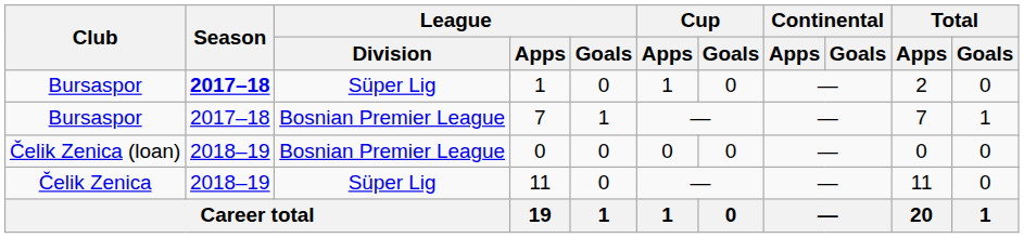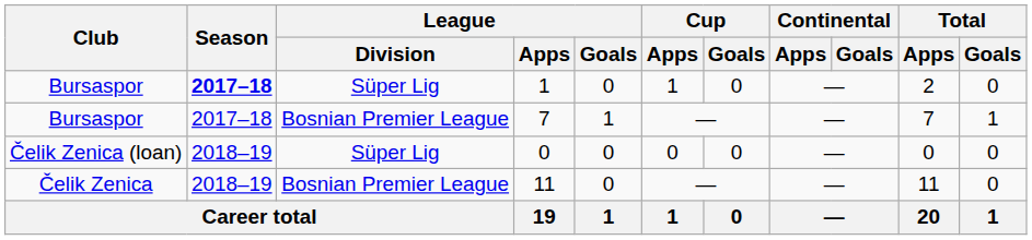 <table class="wikitable" style="text-align:center">
 <tr>
 <th rowspan="2">Club</th>
 <th rowspan="2">Season</th>
 <th colspan="3">League</th>
 <th colspan="2">Cup</th>
 <th colspan="2">Continental</th>
 <th colspan="2">Total</th>
 </tr>
 <tr>
 <th>Division</th>
 <th>Apps</th>
 <th>Goals</th>
 <th>Apps</th>
 <th>Goals</th>
 <th>Apps</th>
 <th>Goals</th>
 <th>Apps</th>
 <th>Goals</th>
 </tr>
 <tr>
 <td><a href='#'>Bursaspor</a></td>
 <td><strong><a href='#'>2017–18</a></strong></td>
 <td><a href='#'>Süper Lig</a></td>
 <td>1</td>
 <td>0</td>
 <td>1</td>
 <td>0</td>
 <td colspan="2">—</td>
 <td>2</td>
 <td>0</td>
 </tr>
 <tr>
 <td><a href='#'>Bursaspor</a></td>
 <td><a href='#'>2017–18</a></td>
 <td><a href='#'>Bosnian Premier League</a></td>
 <td>7</td>
 <td>1</td>
 <td colspan="2">—</td>
 <td colspan="2">—</td>
 <td>7</td>
 <td>1</td>
 </tr>
 <tr>
 <td><a href='#'>Čelik Zenica</a> (loan)</td>
 <td><a href='#'>2018–19</a></td>
-<td><a href='#'>Bosnian Premier League</a></td>
+<td><a href='#'>Süper Lig</a></td>
 <td>0</td>
 <td>0</td>
 <td>0</td>
 <td>0</td>
 <td colspan="2">—</td>
 <td>0</td>
 <td>0</td>
 </tr>
 <tr>
 <td><a href='#'>Čelik Zenica</a></td>
 <td><a href='#'>2018–19</a></td>
-<td><a href='#'>Süper Lig</a></td>
+<td><a href='#'>Bosnian Premier League</a></td>
 <td>11</td>
 <td>0</td>
 <td colspan="2">—</td>
 <td colspan="2">—</td>
 <td>11</td>
 <td>0</td>
 </tr>
 <tr>
 <th colspan=3>Career total</th>
 <th>19</th>
 <th>1</th>
 <th>1</th>
 <th>0</th>
 <th colspan="2">—</th>
 <th>20</th>
 <th>1</th>
 </tr>
 </table>
